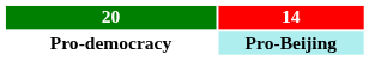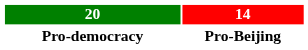 <table style="width:50%; text-align:center;">
 <tr style="color:white;">
 <td style="background:green; width:59%;"><strong>20</strong></td>
 <td style="background:red; width:41%;"><strong>14</strong></td>
 </tr>
 <tr>
 <td><span><strong>Pro-democracy</strong></span></td>
-<td style="background: paleturquoise;"><span><strong>Pro-Beijing</strong></span></td>
+<td><span><strong>Pro-Beijing</strong></span></td>
 </tr>
 </table>
